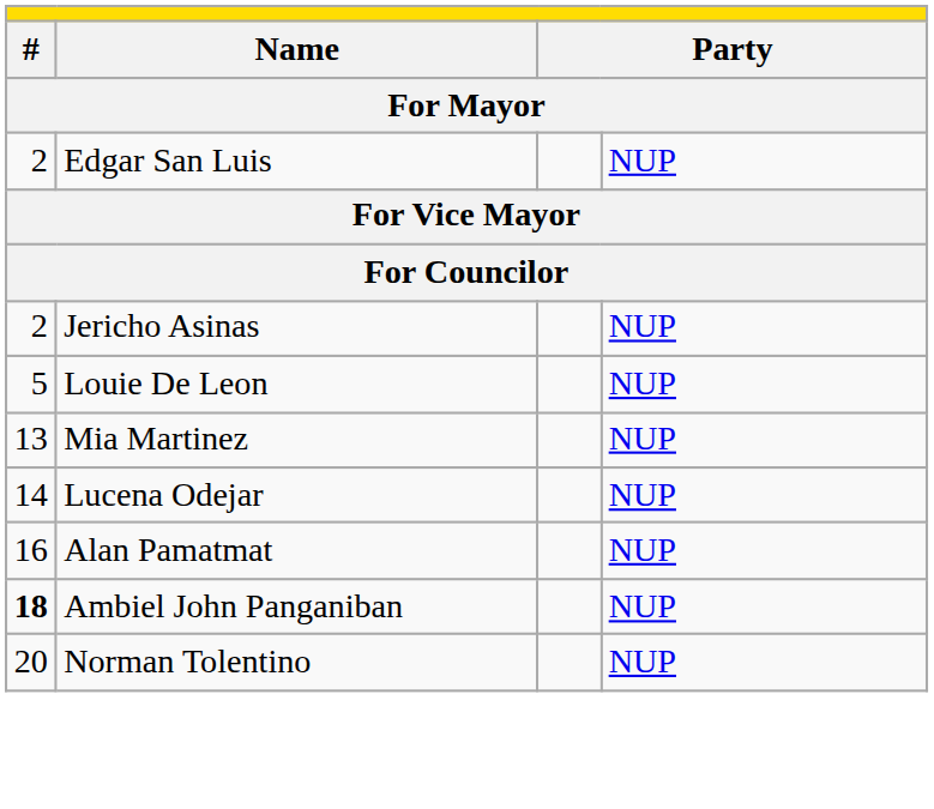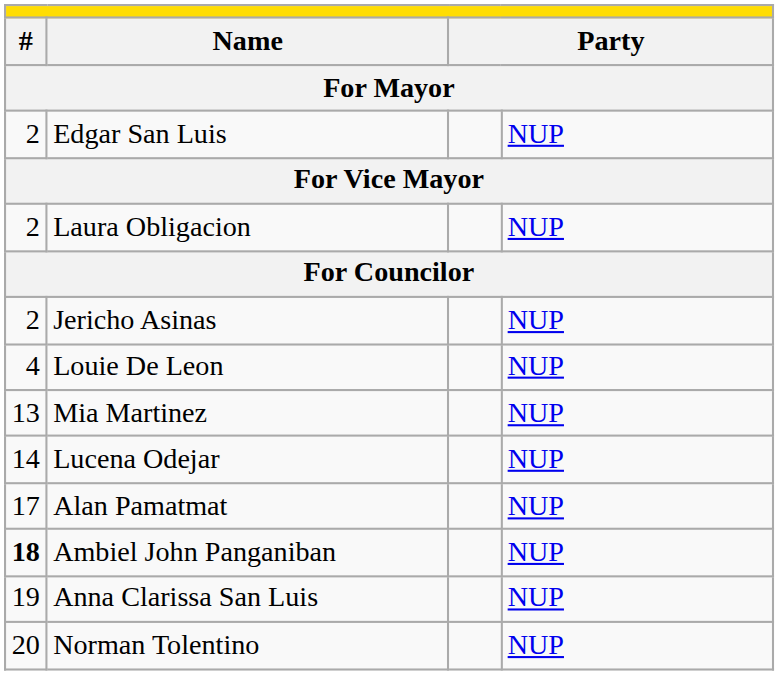 <table class="wikitable" style="font-size:85%">
 <tr>
 <td colspan="4" style="background-color:#FFDD02;"></td>
 </tr>
 <tr>
 <th style="width:2px;">#</th>
 <th style="width:188px;">Name</th>
 <th colspan="2" width="150px">Party</th>
 </tr>
 <tr>
 <th colspan="4">For Mayor</th>
 </tr>
 <tr>
 <td style="text-align:right;">2</td>
 <td>Edgar San Luis</td>
 <td style="background:"></td>
 <td><a href='#'>NUP</a></td>
 </tr>
 <tr>
 <th colspan="4">For Vice Mayor</th>
 </tr>
 <tr>
+<td style="text-align:right;">2</td>
+<td>Laura Obligacion</td>
+<td style="background:"></td>
+<td><a href='#'>NUP</a></td>
+</tr>
+<tr>
 <th colspan="4">For Councilor</th>
 </tr>
 <tr>
 <td style="text-align:right;">2</td>
 <td>Jericho Asinas</td>
 <td style="background:"></td>
 <td><a href='#'>NUP</a></td>
 </tr>
 <tr>
-<td style="text-align:right;">5</td>
+<td style="text-align:right;">4</td>
 <td>Louie De Leon</td>
 <td style="background:"></td>
 <td><a href='#'>NUP</a></td>
 </tr>
 <tr>
 <td style="text-align:right;">13</td>
 <td>Mia Martinez</td>
 <td style="background:"></td>
 <td><a href='#'>NUP</a></td>
 </tr>
 <tr>
 <td style="text-align:right;">14</td>
 <td>Lucena Odejar</td>
 <td style="background:"></td>
 <td><a href='#'>NUP</a></td>
 </tr>
 <tr>
-<td style="text-align:right;">16</td>
+<td style="text-align:right;">17</td>
 <td>Alan Pamatmat</td>
 <td style="background:"></td>
 <td><a href='#'>NUP</a></td>
 </tr>
 <tr>
 <td style="text-align:right;"><strong>18</strong></td>
 <td>Ambiel John Panganiban</td>
 <td style="background:"></td>
 <td><a href='#'>NUP</a></td>
 </tr>
 <tr>
+<td style="text-align:right;">19</td>
+<td>Anna Clarissa San Luis</td>
+<td style="background:"></td>
+<td><a href='#'>NUP</a></td>
+</tr>
+<tr>
 <td style="text-align:right;">20</td>
 <td>Norman Tolentino</td>
 <td style="background:"></td>
 <td><a href='#'>NUP</a></td>
 </tr>
 </table>
